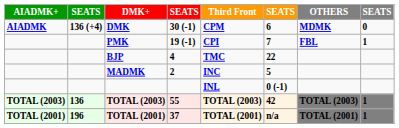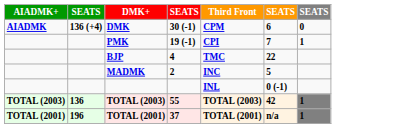 <table class="wikitable" style="font-weight: bold; font-size: x-small; font-family: verdana">
 <tr>
 <th style="background:#090; color:white;">AIADMK+</th>
 <th style="background:#090; color:white;">SEATS</th>
 <th style="background:#f00; color:white;">DMK+</th>
 <th style="background:#f00; color:white;">SEATS</th>
 <th style="background:#f90; color:white;">Third Front</th>
 <th style="background:#f90; color:white;">SEATS</th>
-<th style="background:gray; color:white;">OTHERS</th>
 <th style="background:gray; color:white;">SEATS</th>
 </tr>
 <tr>
 <td><a href='#'>AIADMK</a></td>
 <td>136 (+4)</td>
 <td><a href='#'>DMK</a></td>
 <td>30 (-1)</td>
 <td><a href='#'>CPM</a></td>
 <td>6</td>
-<td><a href='#'>MDMK</a></td>
 <td>0</td>
 </tr>
 <tr>
 <td></td>
 <td></td>
 <td><a href='#'>PMK</a></td>
 <td>19 (-1)</td>
 <td><a href='#'>CPI</a></td>
 <td>7</td>
-<td><a href='#'>FBL</a></td>
 <td>1</td>
 </tr>
 <tr>
 <td></td>
 <td></td>
 <td><a href='#'>BJP</a></td>
 <td>4</td>
 <td><a href='#'>TMC</a></td>
 <td>22</td>
 <td></td>
-<td></td>
 </tr>
 <tr>
 <td></td>
 <td></td>
 <td><a href='#'>MADMK</a></td>
 <td>2</td>
 <td><a href='#'>INC</a></td>
 <td>5</td>
-<td></td>
 <td></td>
 </tr>
 <tr>
 <td></td>
 <td></td>
 <td></td>
 <td></td>
 <td><a href='#'>INL</a></td>
 <td>0 (-1)</td>
 <td></td>
-<td></td>
 </tr>
 <tr>
 <td style="background:#e6ffe6;">TOTAL (2003)</td>
 <td style="background:#e6ffe6;">136</td>
 <td style="background:#ffe6e6;">TOTAL (2003)</td>
 <td style="background:#ffe6e6;">55</td>
 <td style="background:#fff3e1;">TOTAL (2003)</td>
 <td style="background:#fff3e1;">42</td>
-<td style="background:gray;">TOTAL (2003)</td>
 <td style="background:gray;">1</td>
 </tr>
 <tr>
 <td style="background:#e6ffe6;">TOTAL (2001)</td>
 <td style="background:#e6ffe6;">196</td>
 <td style="background:#ffe6e6;">TOTAL (2001)</td>
 <td style="background:#ffe6e6;">37</td>
 <td style="background:#fff3e1;">TOTAL (2001)</td>
 <td style="background:#fff3e1;">n/a</td>
-<td style="background:gray;">TOTAL (2001)</td>
 <td style="background:gray;">1</td>
 </tr>
 </table>
